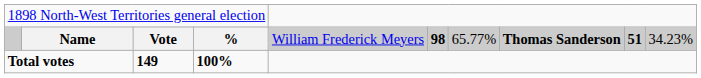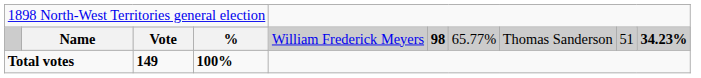 <table class="wikitable">
 <tr>
 <td colspan=4 align=center><a href='#'>1898 North-West Territories general election</a></td>
 </tr>
 <tr bgcolor="CCCCCC">
 <td></td>
 <th>Name</th>
 <th>Vote</th>
 <th>%<br></th>
 <td><a href='#'>William Frederick Meyers</a></td>
 <td><strong>98</strong></td>
 <td>65.77%<br></td>
-<td><strong>Thomas Sanderson</strong></td>
-<td><strong>51</strong></td>
-<td>34.23%</td>
+<td>Thomas Sanderson</td>
+<td>51</td>
+<td><strong>34.23%</strong></td>
 </tr>
 <tr>
 <td colspan=2><strong>Total votes</strong></td>
 <td><strong>149</strong></td>
 <td alignment="left"><strong>100%</strong></td>
 </tr>
 </table>
